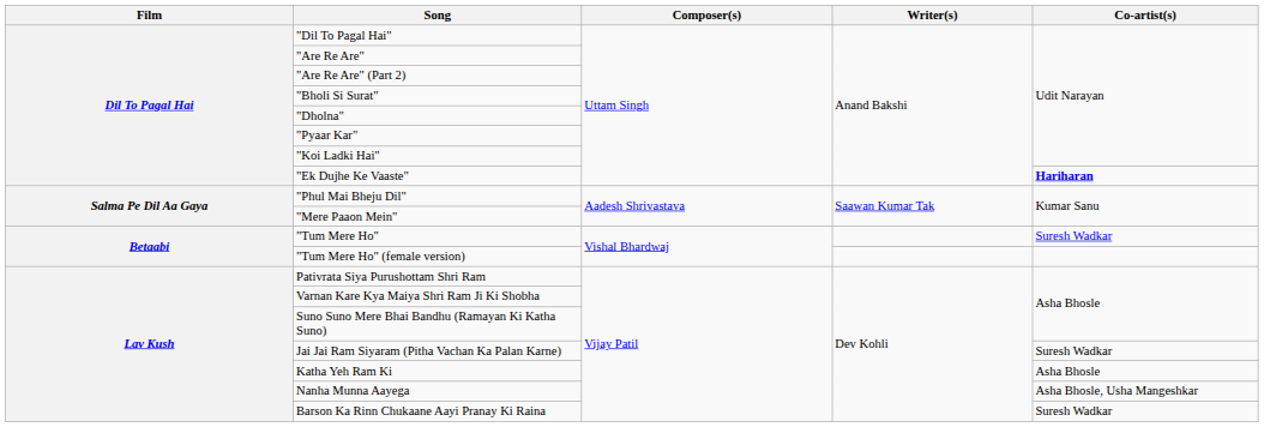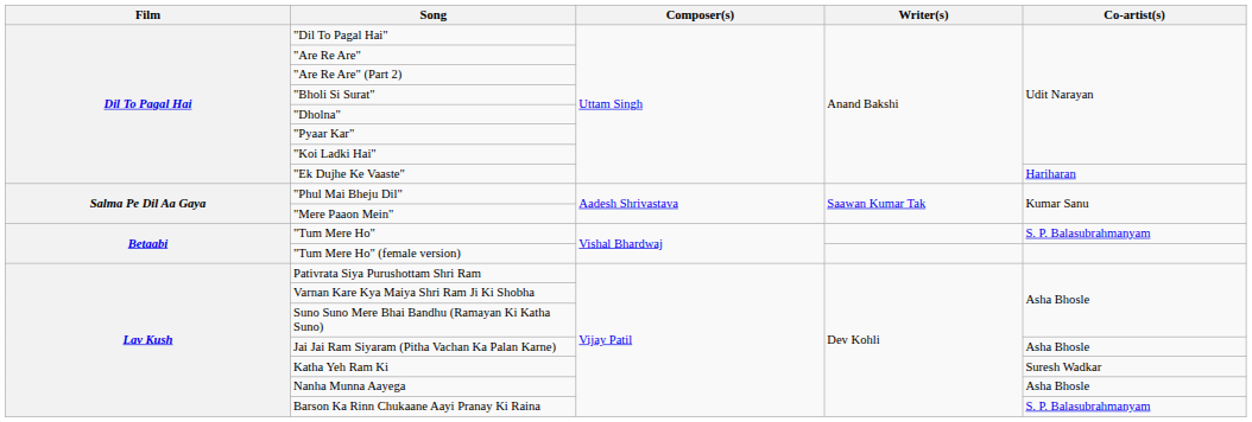 <table class="wikitable plainrowheaders" style="width:100%; textcolor:#000">
 <tr style="background:#b0e0e66;">
 <th scope="col" style="width:23%;"><strong>Film</strong></th>
 <th scope="col" style="width:23%;"><strong>Song</strong></th>
 <th scope="col" style="width:20%;"><strong>Composer(s)</strong></th>
 <th scope="col" style="width:16%;"><strong>Writer(s)</strong></th>
 <th scope="col" style="width:18%;"><strong>Co-artist(s)</strong></th>
 </tr>
 <tr>
 <th Rowspan=8><em><a href='#'>Dil To Pagal Hai</a></em></th>
 <td>"Dil To Pagal Hai"</td>
 <td rowspan=8><a href='#'>Uttam Singh</a></td>
 <td rowspan=8>Anand Bakshi</td>
 <td rowspan=7>Udit Narayan</td>
 </tr>
 <tr>
 <td>"Are Re Are"</td>
 </tr>
 <tr>
 <td>"Are Re Are" (Part 2)</td>
 </tr>
 <tr>
 <td>"Bholi Si Surat"</td>
 </tr>
 <tr>
 <td>"Dholna"</td>
 </tr>
 <tr>
 <td>"Pyaar Kar"</td>
 </tr>
 <tr>
 <td>"Koi Ladki Hai"</td>
 </tr>
 <tr>
 <td>"Ek Dujhe Ke Vaaste"</td>
-<td><strong><a href='#'>Hariharan</a></strong></td>
+<td><a href='#'>Hariharan</a></td>
 </tr>
 <tr>
 <th Rowspan=2><em>Salma Pe Dil Aa Gaya</em></th>
 <td>"Phul Mai Bheju Dil"</td>
 <td Rowspan=2><a href='#'>Aadesh Shrivastava</a></td>
 <td Rowspan=2><a href='#'>Saawan Kumar Tak</a></td>
 <td Rowspan=2>Kumar Sanu</td>
 </tr>
 <tr>
 <td>"Mere Paaon Mein"</td>
 </tr>
 <tr>
 <th Rowspan=2><em><a href='#'>Betaabi</a></em></th>
 <td>"Tum Mere Ho"</td>
 <td rowspan=2><a href='#'>Vishal Bhardwaj</a></td>
 <td></td>
-<td><a href='#'>Suresh Wadkar</a></td>
+<td><a href='#'>S. P. Balasubrahmanyam</a></td>
 </tr>
 <tr>
 <td>"Tum Mere Ho" (female version)</td>
 <td></td>
 <td></td>
 </tr>
 <tr>
 <th Rowspan=7><em><a href='#'>Lav Kush</a></em></th>
 <td>Pativrata Siya Purushottam Shri Ram</td>
 <td rowspan=7><a href='#'>Vijay Patil</a></td>
 <td rowspan=7>Dev Kohli</td>
 <td rowspan=3>Asha Bhosle</td>
 </tr>
 <tr>
 <td>Varnan Kare Kya Maiya Shri Ram Ji Ki Shobha</td>
 </tr>
 <tr>
 <td>Suno Suno Mere Bhai Bandhu (Ramayan Ki Katha Suno)</td>
 </tr>
 <tr>
 <td>Jai Jai Ram Siyaram (Pitha Vachan Ka Palan Karne)</td>
+<td>Asha Bhosle</td>
+</tr>
+<tr>
+<td>Katha Yeh Ram Ki</td>
 <td>Suresh Wadkar</td>
 </tr>
 <tr>
-<td>Katha Yeh Ram Ki</td>
+<td>Nanha Munna Aayega</td>
 <td>Asha Bhosle</td>
 </tr>
 <tr>
-<td>Nanha Munna Aayega</td>
-<td>Asha Bhosle, Usha Mangeshkar</td>
-</tr>
-<tr>
 <td>Barson Ka Rinn Chukaane Aayi Pranay Ki Raina</td>
-<td>Suresh Wadkar</td>
+<td><a href='#'>S. P. Balasubrahmanyam</a></td>
 </tr>
 </table>
